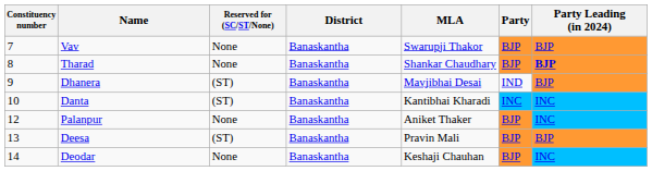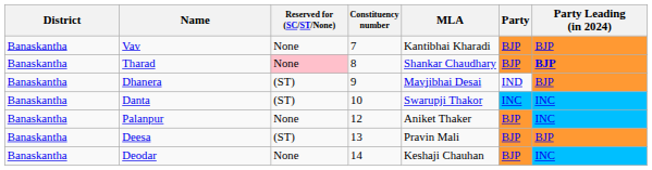 <table class="wikitable sortable">
 <tr>
-<th width="50px" style="font-size:75%">Constituency number</th>
+<th width="150px">District</th>
 <th width="200px">Name</th>
 <th width="100px" style="font-size:75%">Reserved for (<a href='#'>SC</a>/<a href='#'>ST</a>/None)</th>
-<th width="150px">District</th>
+<th width="50px" style="font-size:75%">Constituency number</th>
 <th>MLA</th>
 <th>Party</th>
 <th width="150px">Party Leading<br>(in 2024)</th>
 </tr>
 <tr>
-<td>7</td>
+<td><a href='#'>Banaskantha</a></td>
 <td><a href='#'>Vav</a></td>
 <td>None</td>
-<td><a href='#'>Banaskantha</a></td>
-<td><a href='#'>Swarupji Thakor</a></td>
+<td>7</td>
+<td>Kantibhai Kharadi</td>
 <td bgcolor=#FF9933><a href='#'>BJP</a></td>
 <td bgcolor=#FF9933><a href='#'>BJP</a></td>
 </tr>
 <tr>
+<td><a href='#'>Banaskantha</a></td>
+<td><a href='#'>Tharad</a></td>
+<td style="background: pink;">None</td>
 <td>8</td>
-<td><a href='#'>Tharad</a></td>
-<td>None</td>
-<td><a href='#'>Banaskantha</a></td>
 <td><a href='#'>Shankar Chaudhary</a></td>
 <td bgcolor=#FF9933><a href='#'>BJP</a></td>
 <td bgcolor=#FF9933><strong><a href='#'>BJP</a></strong></td>
 </tr>
 <tr>
-<td>9</td>
+<td><a href='#'>Banaskantha</a></td>
 <td><a href='#'>Dhanera</a></td>
 <td>(ST)</td>
-<td><a href='#'>Banaskantha</a></td>
+<td>9</td>
 <td><a href='#'>Mavjibhai Desai</a></td>
 <td><a href='#'>IND</a></td>
 <td bgcolor=#FF9933><a href='#'>BJP</a></td>
 </tr>
 <tr>
-<td>10</td>
+<td><a href='#'>Banaskantha</a></td>
 <td><a href='#'>Danta</a></td>
 <td>(ST)</td>
-<td><a href='#'>Banaskantha</a></td>
-<td>Kantibhai Kharadi</td>
+<td>10</td>
+<td><a href='#'>Swarupji Thakor</a></td>
 <td bgcolor=#00BFFF><a href='#'>INC</a></td>
 <td bgcolor=#00BFFF><a href='#'>INC</a></td>
 </tr>
 <tr>
-<td>12</td>
+<td><a href='#'>Banaskantha</a></td>
 <td><a href='#'>Palanpur</a></td>
 <td>None</td>
-<td><a href='#'>Banaskantha</a></td>
+<td>12</td>
 <td>Aniket Thaker</td>
 <td bgcolor=#FF9933><a href='#'>BJP</a></td>
 <td bgcolor=#00BFFF><a href='#'>INC</a></td>
 </tr>
 <tr>
-<td>13</td>
+<td><a href='#'>Banaskantha</a></td>
 <td><a href='#'>Deesa</a></td>
 <td>(ST)</td>
-<td><a href='#'>Banaskantha</a></td>
+<td>13</td>
 <td>Pravin Mali</td>
 <td bgcolor=#FF9933><a href='#'>BJP</a></td>
 <td bgcolor=#FF9933><a href='#'>BJP</a></td>
 </tr>
 <tr>
-<td>14</td>
+<td><a href='#'>Banaskantha</a></td>
 <td><a href='#'>Deodar</a></td>
 <td>None</td>
-<td><a href='#'>Banaskantha</a></td>
+<td>14</td>
 <td>Keshaji Chauhan</td>
 <td bgcolor=#FF9933><a href='#'>BJP</a></td>
 <td bgcolor=#00BFFF><a href='#'>INC</a></td>
 </tr>
 </table>
